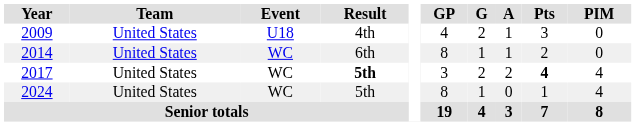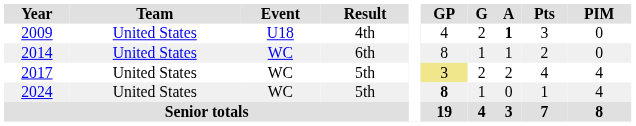 <table border="0" cellpadding="1" cellspacing="0" style="text-align:center; width:40em">
 <tr ALIGN="center" bgcolor="#e0e0e0">
 <th>Year</th>
 <th>Team</th>
 <th>Event</th>
 <th>Result</th>
 <th rowspan="99" bgcolor="#ffffff"> </th>
 <th>GP</th>
 <th>G</th>
 <th>A</th>
 <th>Pts</th>
 <th>PIM</th>
 </tr>
 <tr>
 <td><a href='#'>2009</a></td>
 <td><a href='#'>United States</a></td>
 <td><a href='#'>U18</a></td>
 <td>4th</td>
 <td>4</td>
 <td>2</td>
-<td>1</td>
+<td><strong>1</strong></td>
 <td>3</td>
 <td>0</td>
 </tr>
 <tr bgcolor="#f0f0f0">
 <td><a href='#'>2014</a></td>
 <td><a href='#'>United States</a></td>
 <td><a href='#'>WC</a></td>
 <td>6th</td>
 <td>8</td>
 <td>1</td>
 <td>1</td>
 <td>2</td>
 <td>0</td>
 </tr>
 <tr>
 <td><a href='#'>2017</a></td>
 <td>United States</td>
 <td>WC</td>
-<td><strong>5th</strong></td>
-<td>3</td>
+<td>5th</td>
+<td style="background: khaki;">3</td>
 <td>2</td>
 <td>2</td>
-<td><strong>4</strong></td>
+<td>4</td>
 <td>4</td>
 </tr>
 <tr bgcolor="#f0f0f0">
 <td><a href='#'>2024</a></td>
 <td>United States</td>
 <td>WC</td>
 <td>5th</td>
-<td>8</td>
+<td><strong>8</strong></td>
 <td>1</td>
 <td>0</td>
 <td>1</td>
 <td>4</td>
 </tr>
 <tr bgcolor="#e0e0e0">
 <th colspan=4>Senior totals</th>
 <th>19</th>
 <th>4</th>
 <th>3</th>
 <th>7</th>
 <th>8</th>
 </tr>
 </table>
